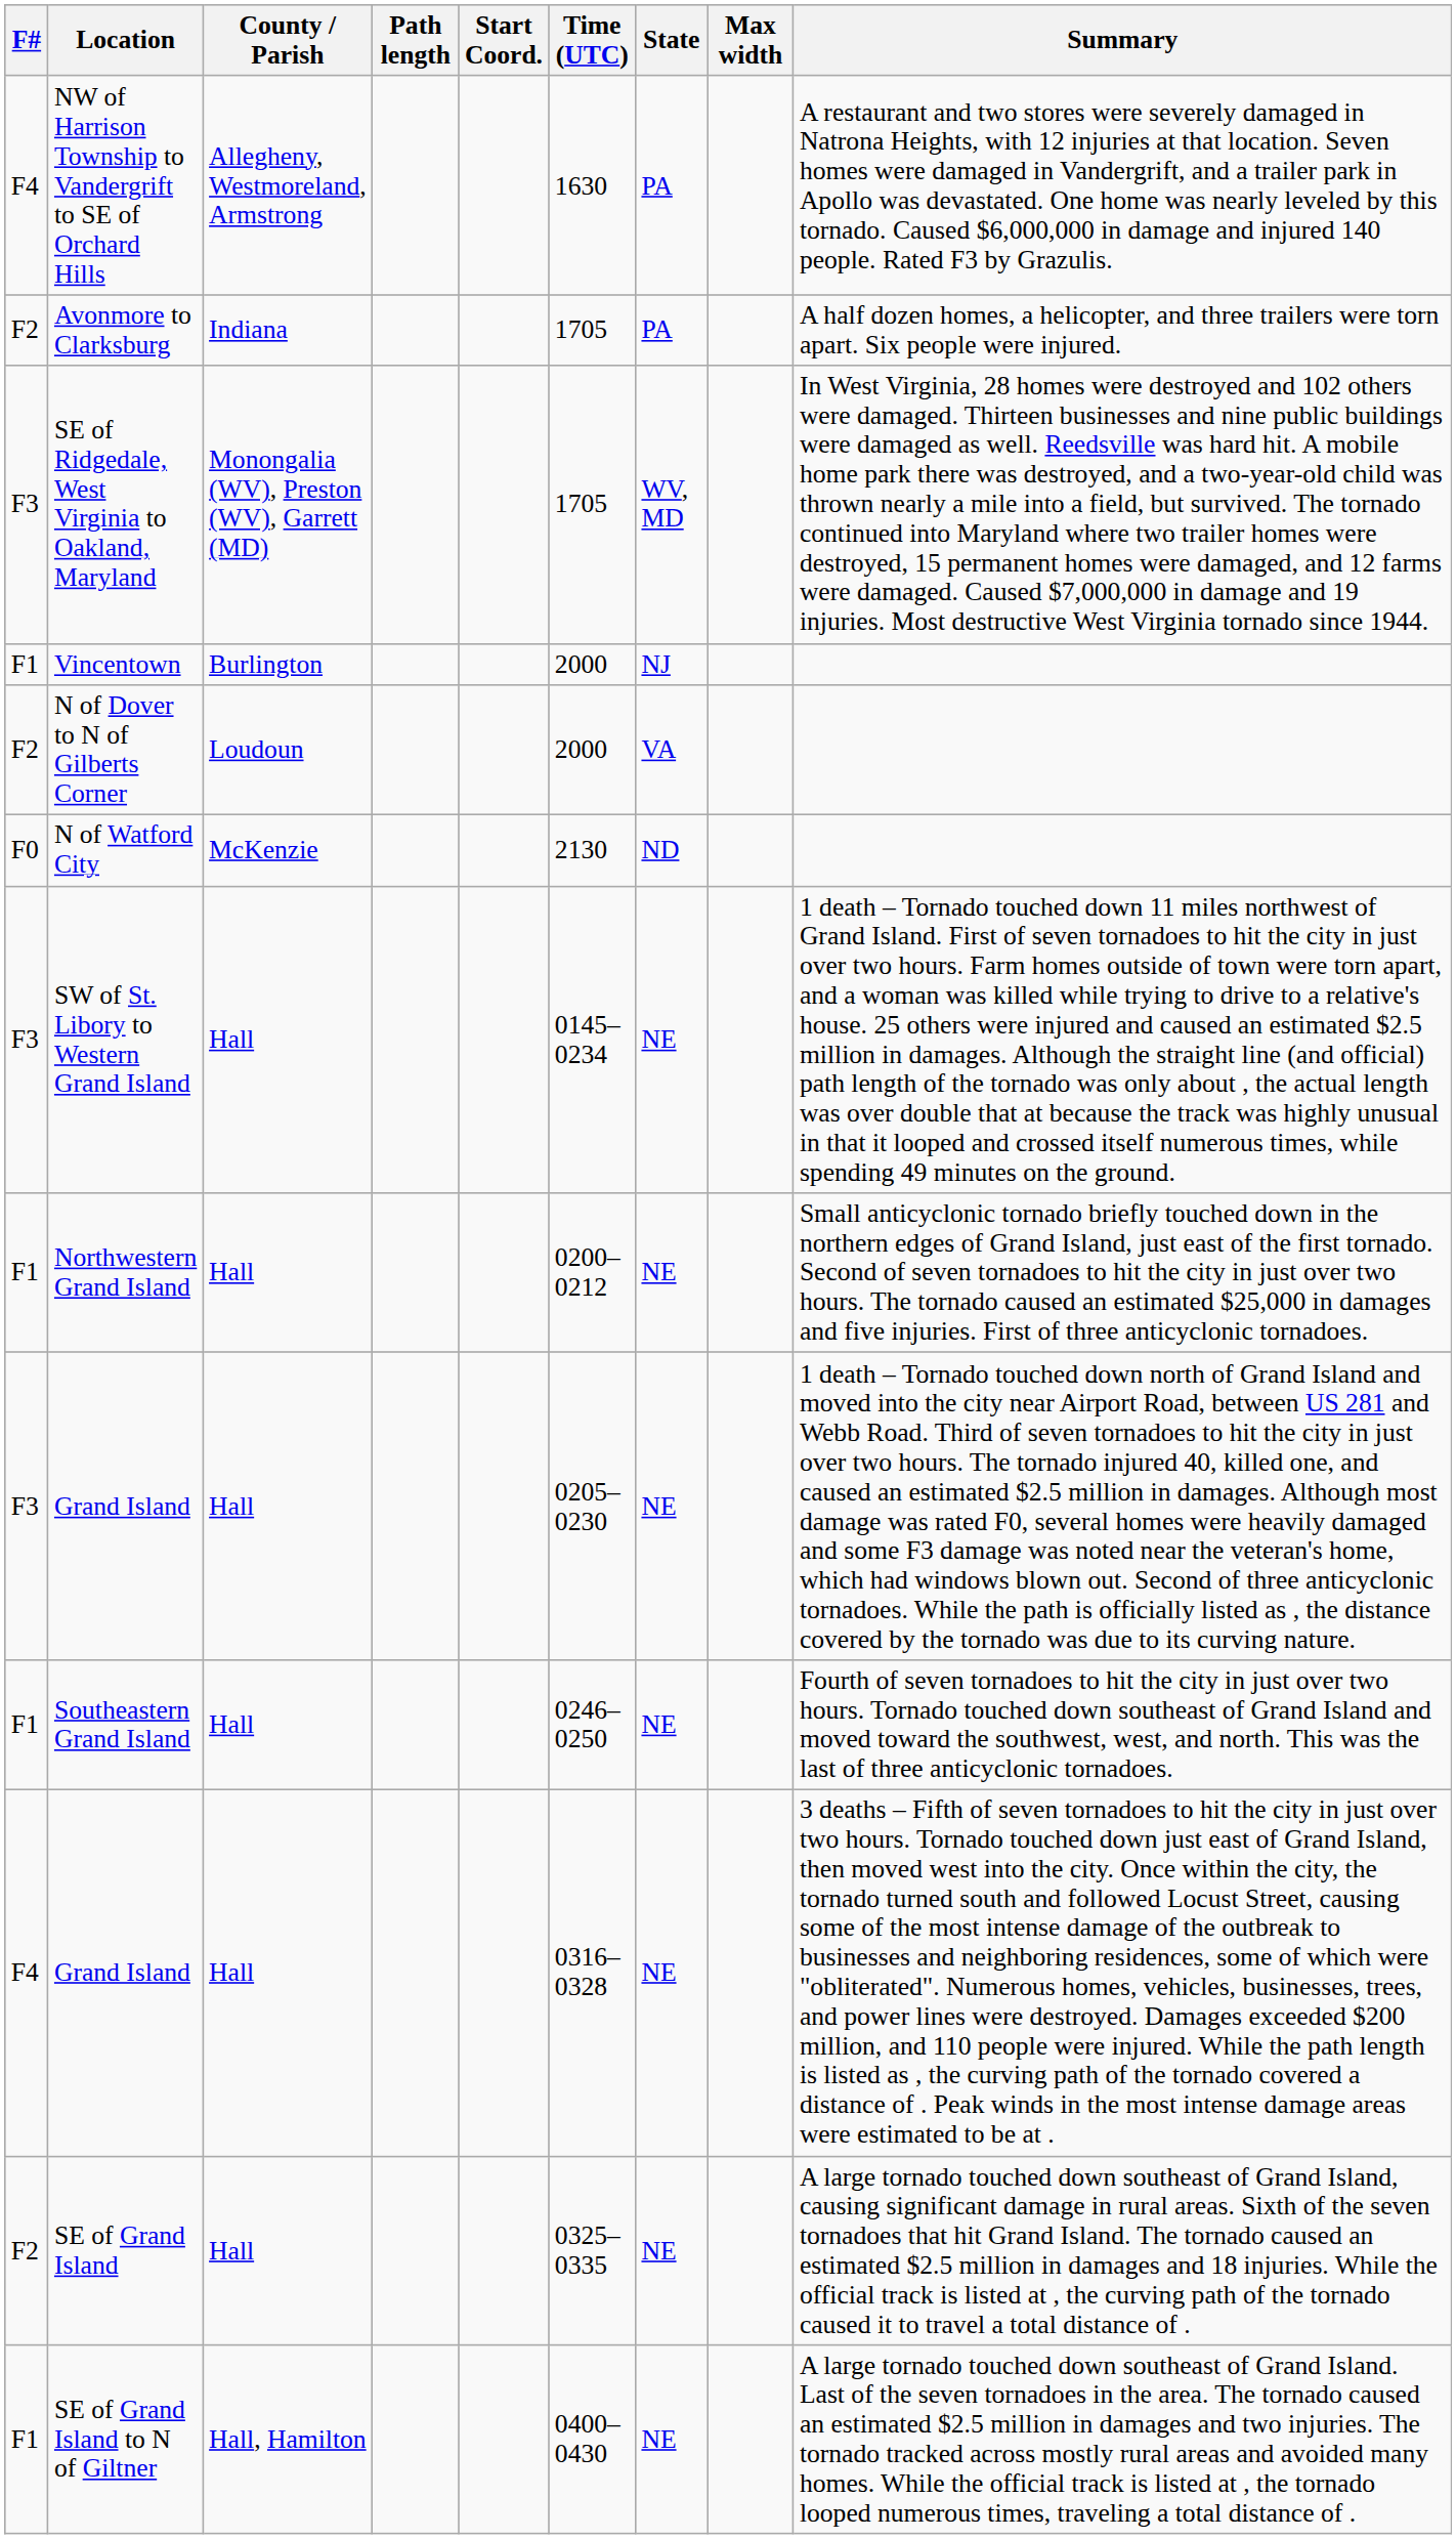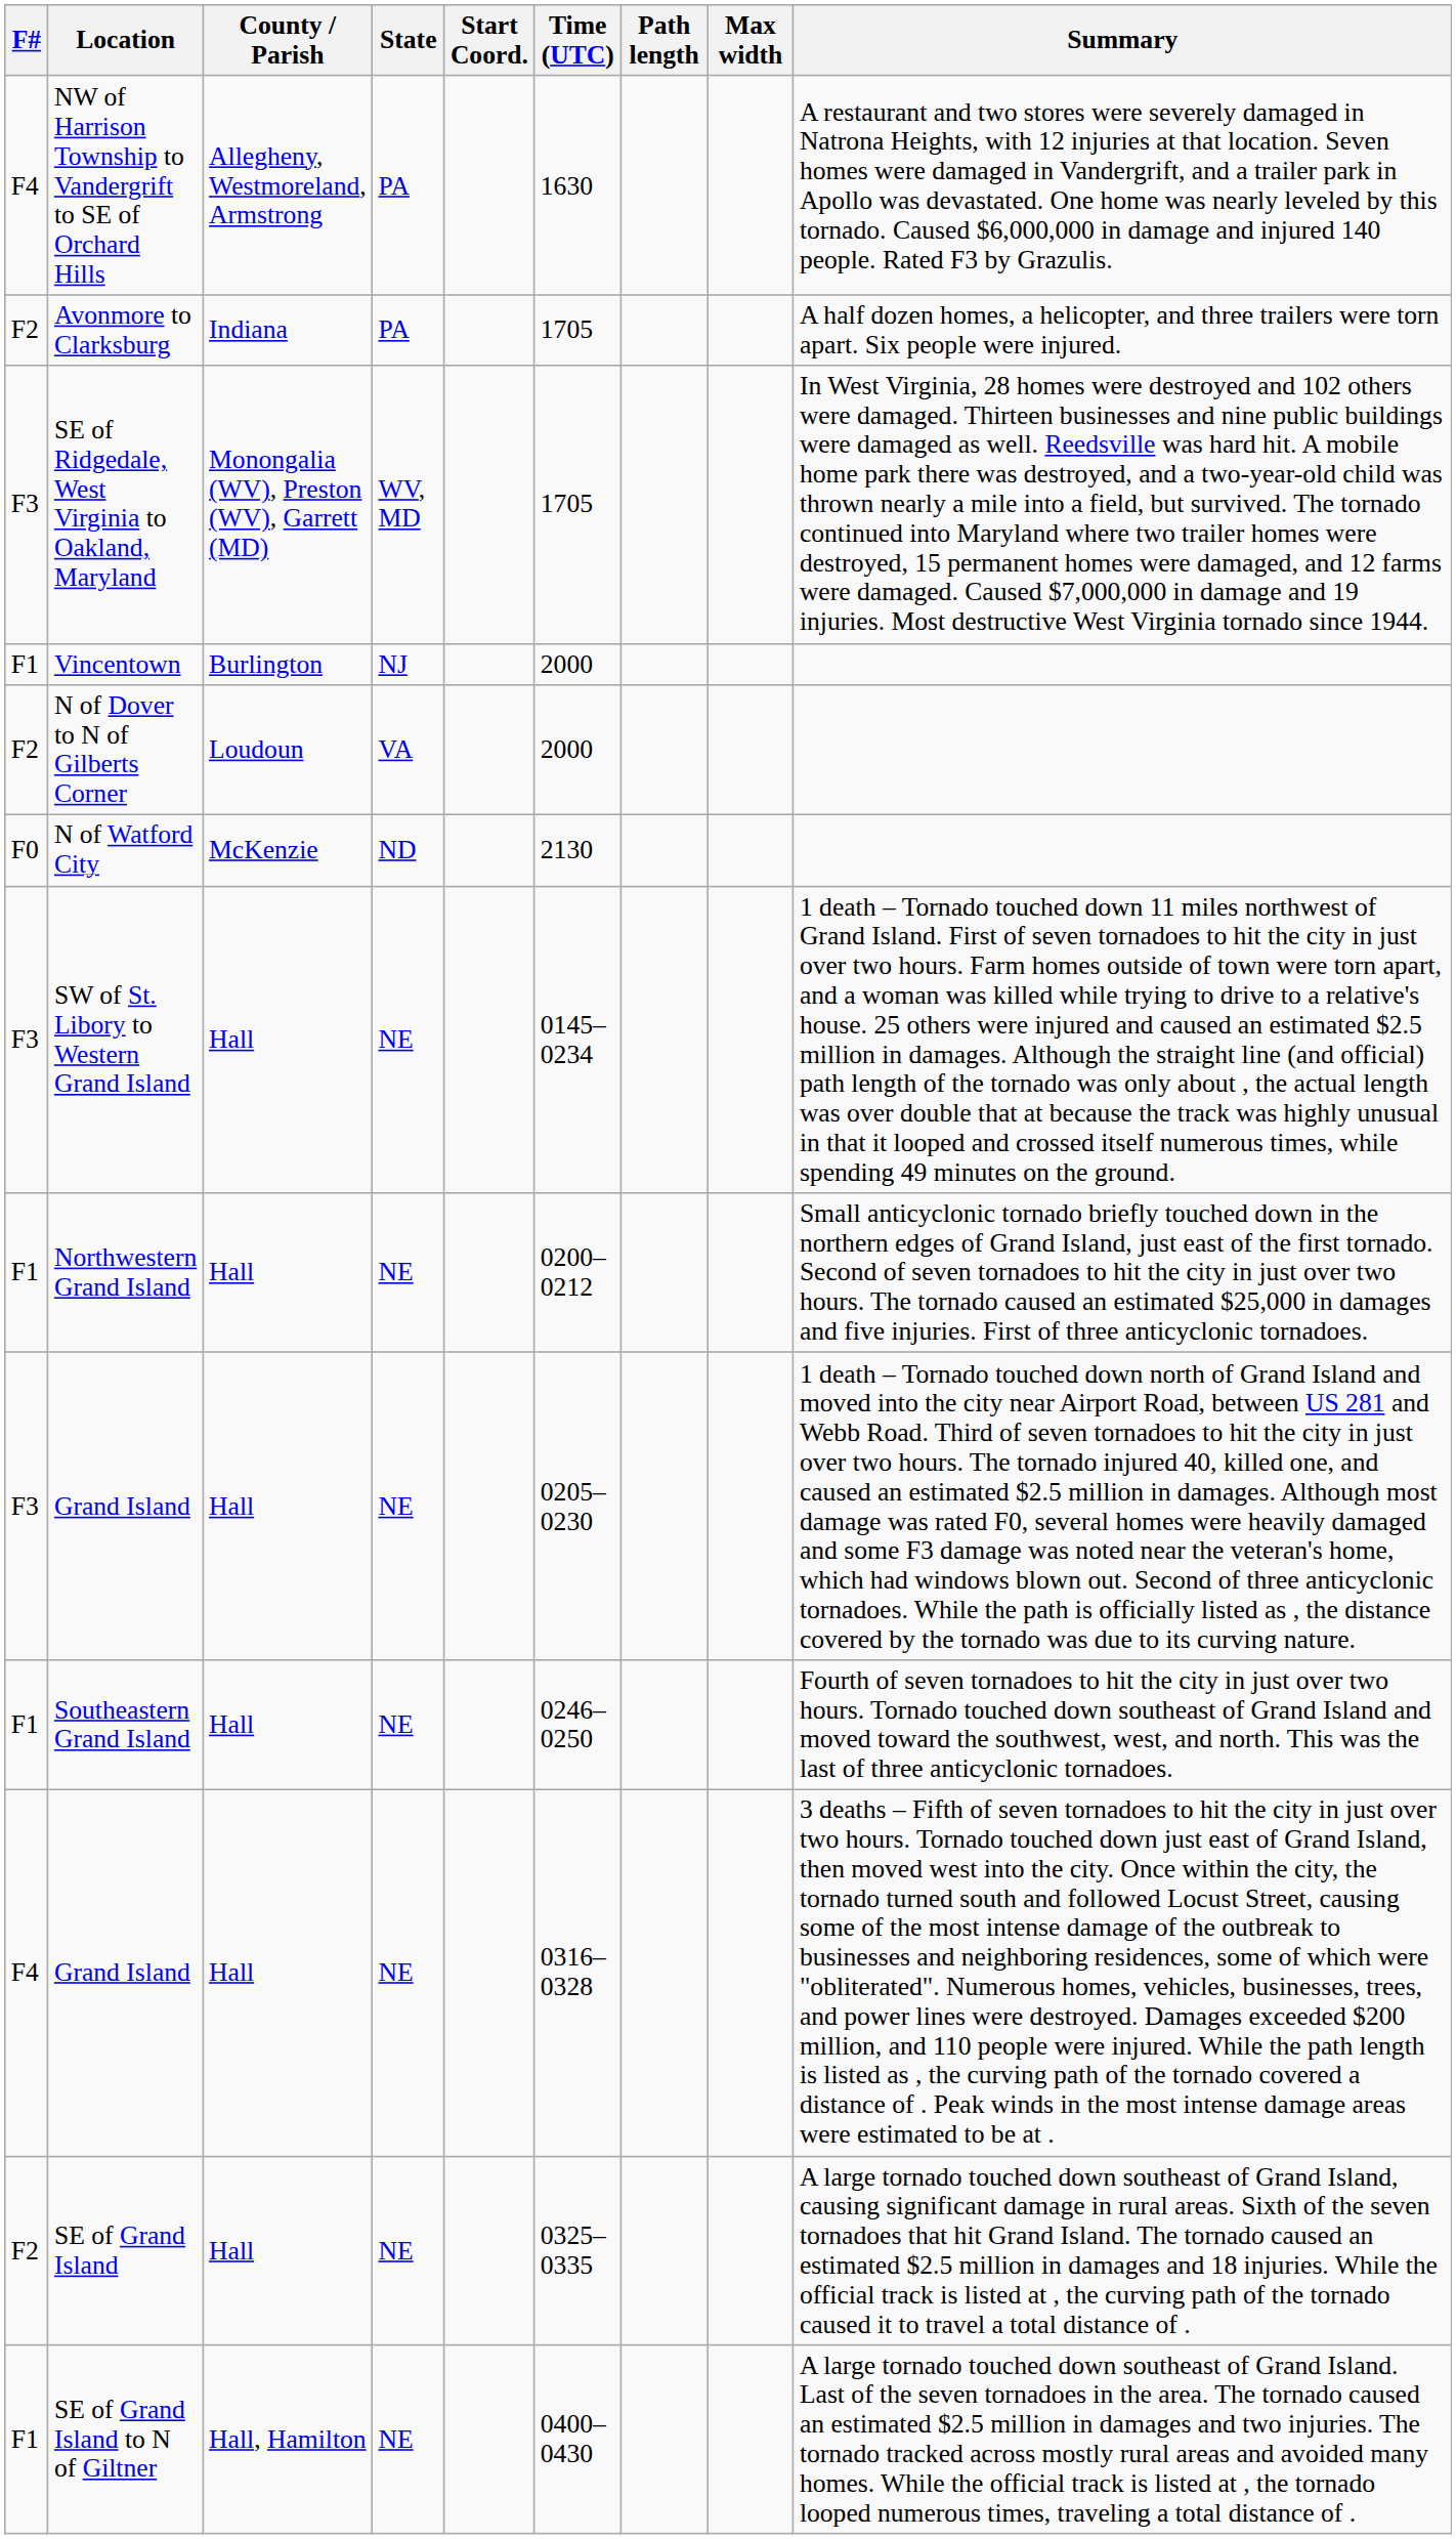 <table class="wikitable sortable" style="width:100%;">
 <tr>
 <th scope="col"  style="width:3%; text-align:center;"><a href='#'>F#</a></th>
 <th scope="col"  style="width:7%; text-align:center;" class="unsortable">Location</th>
 <th scope="col"  style="width:6%; text-align:center;" class="unsortable">County / Parish</th>
-<th scope="col"  style="width:6%; text-align:center;">Path length</th>
+<th scope="col"  style="width:5%; text-align:center;">State</th>
 <th scope="col"  style="width:6%; text-align:center;">Start Coord.</th>
 <th scope="col"  style="width:6%; text-align:center;">Time (<a href='#'>UTC</a>)</th>
-<th scope="col"  style="width:5%; text-align:center;">State</th>
+<th scope="col"  style="width:6%; text-align:center;">Path length</th>
 <th scope="col"  style="width:6%; text-align:center;">Max width</th>
 <th scope="col" class="unsortable" style="width:48%; text-align:center;">Summary</th>
 </tr>
 <tr>
 <td>F4</td>
 <td>NW of <a href='#'>Harrison Township</a> to <a href='#'>Vandergrift</a> to SE of <a href='#'>Orchard Hills</a></td>
 <td><a href='#'>Allegheny</a>, <a href='#'>Westmoreland</a>, <a href='#'>Armstrong</a></td>
-<td></td>
+<td><a href='#'>PA</a></td>
 <td></td>
 <td>1630</td>
-<td><a href='#'>PA</a></td>
+<td></td>
 <td></td>
 <td>A restaurant and two stores were severely damaged in Natrona Heights, with 12 injuries at that location. Seven homes were damaged in Vandergrift, and a trailer park in Apollo was devastated. One home was nearly leveled by this tornado. Caused $6,000,000 in damage and injured 140 people. Rated F3 by Grazulis.</td>
 </tr>
 <tr>
 <td>F2</td>
 <td><a href='#'>Avonmore</a> to <a href='#'>Clarksburg</a></td>
 <td><a href='#'>Indiana</a></td>
-<td></td>
+<td><a href='#'>PA</a></td>
 <td></td>
 <td>1705</td>
-<td><a href='#'>PA</a></td>
+<td></td>
 <td></td>
 <td>A half dozen homes, a helicopter, and three trailers were torn apart. Six people were injured.</td>
 </tr>
 <tr>
 <td>F3</td>
 <td>SE of <a href='#'>Ridgedale, West Virginia</a> to <a href='#'>Oakland, Maryland</a></td>
 <td><a href='#'>Monongalia (WV)</a>, <a href='#'>Preston (WV)</a>, <a href='#'>Garrett (MD)</a></td>
-<td></td>
+<td><a href='#'>WV</a>, <a href='#'>MD</a></td>
 <td></td>
 <td>1705</td>
-<td><a href='#'>WV</a>, <a href='#'>MD</a></td>
+<td></td>
 <td></td>
 <td>In West Virginia, 28 homes were destroyed and 102 others were damaged. Thirteen businesses and nine public buildings were damaged as well. <a href='#'>Reedsville</a> was hard hit. A mobile home park there was destroyed, and a two-year-old child was thrown nearly a mile into a field, but survived. The tornado continued into Maryland where two trailer homes were destroyed, 15 permanent homes were damaged, and 12 farms were damaged. Caused $7,000,000 in damage and 19 injuries. Most destructive West Virginia tornado since 1944.</td>
 </tr>
 <tr>
 <td>F1</td>
 <td><a href='#'>Vincentown</a></td>
 <td><a href='#'>Burlington</a></td>
-<td></td>
+<td><a href='#'>NJ</a></td>
 <td></td>
 <td>2000</td>
-<td><a href='#'>NJ</a></td>
+<td></td>
 <td></td>
 <td></td>
 </tr>
 <tr>
 <td>F2</td>
 <td>N of <a href='#'>Dover</a> to N of <a href='#'>Gilberts Corner</a></td>
 <td><a href='#'>Loudoun</a></td>
-<td></td>
+<td><a href='#'>VA</a></td>
 <td></td>
 <td>2000</td>
-<td><a href='#'>VA</a></td>
+<td></td>
 <td></td>
 <td></td>
 </tr>
 <tr>
 <td>F0</td>
 <td>N of <a href='#'>Watford City</a></td>
 <td><a href='#'>McKenzie</a></td>
-<td></td>
+<td><a href='#'>ND</a></td>
 <td></td>
 <td>2130</td>
-<td><a href='#'>ND</a></td>
+<td></td>
 <td></td>
 <td></td>
 </tr>
 <tr>
 <td>F3</td>
 <td>SW of <a href='#'>St. Libory</a> to <a href='#'>Western Grand Island</a></td>
 <td><a href='#'>Hall</a></td>
-<td></td>
+<td><a href='#'>NE</a></td>
 <td></td>
 <td>0145–0234</td>
-<td><a href='#'>NE</a></td>
+<td></td>
 <td></td>
 <td>1 death – Tornado touched down 11 miles northwest of Grand Island. First of seven tornadoes to hit the city in just over two hours. Farm homes outside of town were torn apart, and a woman was killed while trying to drive to a relative's house. 25 others were injured and caused an estimated $2.5 million in damages. Although the straight line (and official) path length of the tornado was only about , the actual length was over double that at  because the track was highly unusual in that it looped and crossed itself numerous times, while spending 49 minutes on the ground.</td>
 </tr>
 <tr>
 <td>F1</td>
 <td><a href='#'>Northwestern Grand Island</a></td>
 <td><a href='#'>Hall</a></td>
-<td></td>
+<td><a href='#'>NE</a></td>
 <td></td>
 <td>0200–0212</td>
-<td><a href='#'>NE</a></td>
+<td></td>
 <td></td>
 <td>Small anticyclonic tornado briefly touched down in the northern edges of Grand Island, just east of the first tornado. Second of seven tornadoes to hit the city in just over two hours. The tornado caused an estimated $25,000 in damages and five injuries. First of three anticyclonic tornadoes.</td>
 </tr>
 <tr>
 <td>F3</td>
 <td><a href='#'>Grand Island</a></td>
 <td><a href='#'>Hall</a></td>
-<td></td>
+<td><a href='#'>NE</a></td>
 <td></td>
 <td>0205–0230</td>
-<td><a href='#'>NE</a></td>
+<td></td>
 <td></td>
 <td>1 death – Tornado touched down north of Grand Island and moved into the city near Airport Road, between <a href='#'>US 281</a> and Webb Road. Third of seven tornadoes to hit the city in just over two hours. The tornado injured 40, killed one, and caused an estimated $2.5 million in damages. Although most damage was rated F0, several homes were heavily damaged and some F3 damage was noted near the veteran's home, which had windows blown out. Second of three anticyclonic tornadoes. While the path is officially listed as , the distance covered by the tornado was  due to its curving nature.</td>
 </tr>
 <tr>
 <td>F1</td>
 <td><a href='#'>Southeastern Grand Island</a></td>
 <td><a href='#'>Hall</a></td>
-<td></td>
+<td><a href='#'>NE</a></td>
 <td></td>
 <td>0246–0250</td>
-<td><a href='#'>NE</a></td>
+<td></td>
 <td></td>
 <td>Fourth of seven tornadoes to hit the city in just over two hours. Tornado touched down southeast of Grand Island and moved toward the southwest, west, and north. This was the last of three anticyclonic tornadoes.</td>
 </tr>
 <tr>
 <td>F4</td>
 <td><a href='#'>Grand Island</a></td>
 <td><a href='#'>Hall</a></td>
-<td></td>
+<td><a href='#'>NE</a></td>
 <td></td>
 <td>0316–0328</td>
-<td><a href='#'>NE</a></td>
+<td></td>
 <td></td>
 <td>3 deaths – Fifth of seven tornadoes to hit the city in just over two hours. Tornado touched down just east of Grand Island, then moved west into the city. Once within the city, the tornado turned south and followed Locust Street, causing some of the most intense damage of the outbreak to businesses and neighboring residences, some of which were "obliterated". Numerous homes, vehicles, businesses, trees, and power lines were destroyed. Damages exceeded $200 million, and 110 people were injured. While the path length is listed as , the curving path of the tornado covered a distance of . Peak winds in the most intense damage areas were estimated to be at .</td>
 </tr>
 <tr>
 <td>F2</td>
 <td>SE of <a href='#'>Grand Island</a></td>
 <td><a href='#'>Hall</a></td>
-<td></td>
+<td><a href='#'>NE</a></td>
 <td></td>
 <td>0325–0335</td>
-<td><a href='#'>NE</a></td>
+<td></td>
 <td></td>
 <td>A large tornado touched down southeast of Grand Island, causing significant damage in rural areas. Sixth of the seven tornadoes that hit Grand Island. The tornado caused an estimated $2.5 million in damages and 18 injuries. While the official track is listed at , the curving path of the tornado caused it to travel a total distance of .</td>
 </tr>
 <tr>
 <td>F1</td>
 <td>SE of <a href='#'>Grand Island</a> to N of <a href='#'>Giltner</a></td>
 <td><a href='#'>Hall</a>, <a href='#'>Hamilton</a></td>
-<td></td>
+<td><a href='#'>NE</a></td>
 <td></td>
 <td>0400–0430</td>
-<td><a href='#'>NE</a></td>
+<td></td>
 <td></td>
 <td>A large tornado touched down southeast of Grand Island. Last of the seven tornadoes in the area. The tornado caused an estimated $2.5 million in damages and two injuries. The tornado tracked across mostly rural areas and avoided many homes. While the official track is listed at , the tornado looped numerous times, traveling a total distance of .</td>
 </tr>
 </table>
